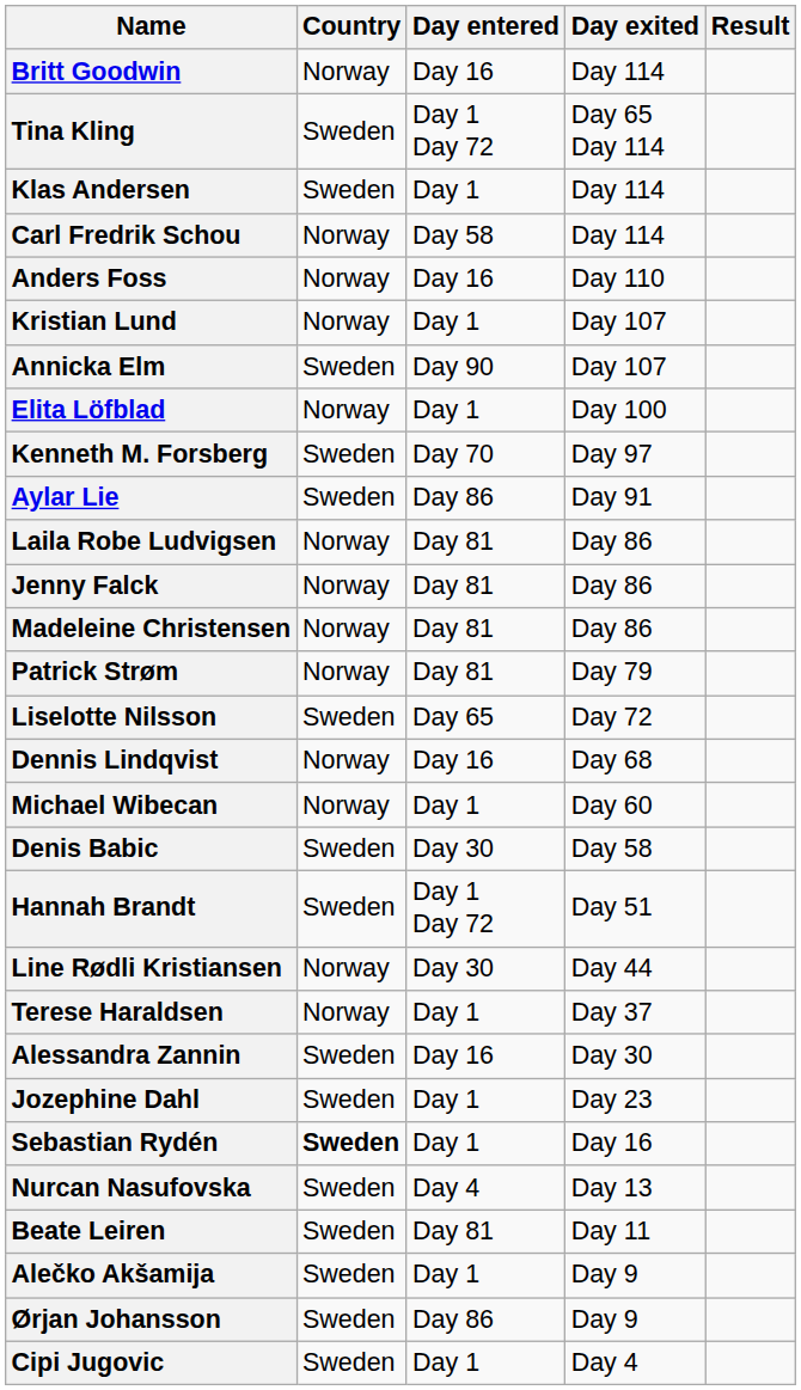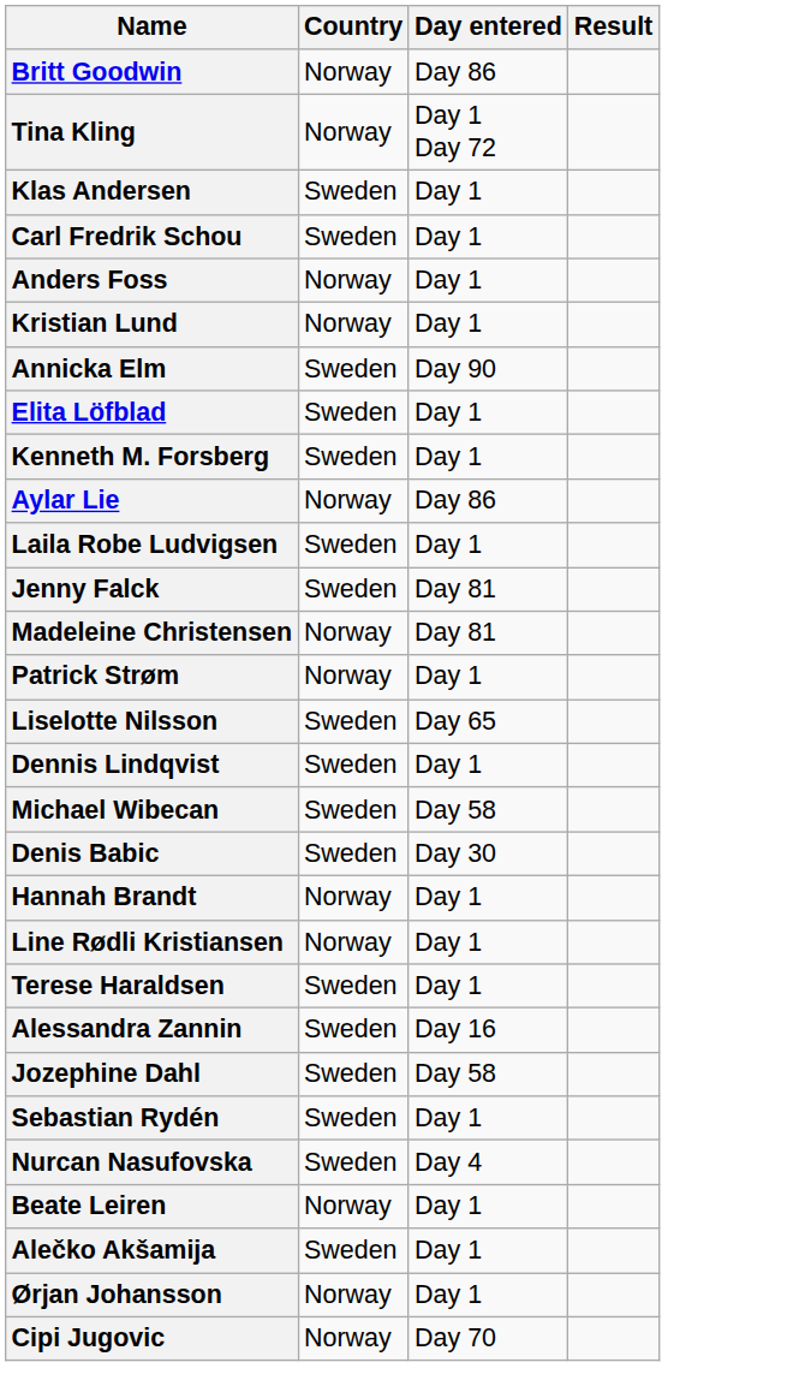 <table class="wikitable sortable" style="text-align:left; line-height:20px; width:auto;">
 <tr>
 <th>Name</th>
 <th>Country</th>
 <th>Day entered</th>
-<th>Day exited</th>
 <th>Result</th>
 </tr>
 <tr>
 <th style="text-align:left;"><a href='#'>Britt Goodwin</a></th>
 <td>Norway</td>
-<td>Day 16</td>
-<td>Day 114</td>
+<td>Day 86</td>
 <td></td>
 </tr>
 <tr>
 <th style="text-align:left;">Tina Kling</th>
-<td>Sweden</td>
+<td>Norway</td>
 <td>Day 1<br>Day 72</td>
-<td>Day 65<br>Day 114</td>
 <td></td>
 </tr>
 <tr>
 <th style="text-align:left;">Klas Andersen</th>
 <td>Sweden</td>
 <td>Day 1</td>
-<td>Day 114</td>
 <td></td>
 </tr>
 <tr>
 <th style="text-align:left;">Carl Fredrik Schou</th>
-<td>Norway</td>
-<td>Day 58</td>
-<td>Day 114</td>
+<td>Sweden</td>
+<td>Day 1</td>
 <td></td>
 </tr>
 <tr>
 <th style="text-align:left;">Anders Foss</th>
 <td>Norway</td>
-<td>Day 16</td>
-<td>Day 110</td>
+<td>Day 1</td>
 <td></td>
 </tr>
 <tr>
 <th style="text-align:left;">Kristian Lund</th>
 <td>Norway</td>
 <td>Day 1</td>
-<td>Day 107</td>
 <td></td>
 </tr>
 <tr>
 <th style="text-align:left;">Annicka Elm</th>
 <td>Sweden</td>
 <td>Day 90</td>
-<td>Day 107</td>
 <td></td>
 </tr>
 <tr>
 <th style="text-align:left;"><a href='#'>Elita Löfblad</a></th>
-<td>Norway</td>
+<td>Sweden</td>
 <td>Day 1</td>
-<td>Day 100</td>
 <td></td>
 </tr>
 <tr>
 <th style="text-align:left;">Kenneth M. Forsberg</th>
 <td>Sweden</td>
-<td>Day 70</td>
-<td>Day 97</td>
+<td>Day 1</td>
 <td></td>
 </tr>
 <tr>
 <th style="text-align:left;"><a href='#'>Aylar Lie</a></th>
-<td>Sweden</td>
+<td>Norway</td>
 <td>Day 86</td>
-<td>Day 91</td>
 <td></td>
 </tr>
 <tr>
 <th style="text-align:left;">Laila Robe Ludvigsen</th>
-<td>Norway</td>
-<td>Day 81</td>
-<td>Day 86</td>
+<td>Sweden</td>
+<td>Day 1</td>
 <td></td>
 </tr>
 <tr>
 <th style="text-align:left;">Jenny Falck</th>
-<td>Norway</td>
+<td>Sweden</td>
 <td>Day 81</td>
-<td>Day 86</td>
 <td></td>
 </tr>
 <tr>
 <th style="text-align:left;">Madeleine Christensen</th>
 <td>Norway</td>
 <td>Day 81</td>
-<td>Day 86</td>
 <td></td>
 </tr>
 <tr>
 <th style="text-align:left;">Patrick Strøm</th>
 <td>Norway</td>
-<td>Day 81</td>
-<td>Day 79</td>
+<td>Day 1</td>
 <td></td>
 </tr>
 <tr>
 <th style="text-align:left;">Liselotte Nilsson</th>
 <td>Sweden</td>
 <td>Day 65</td>
-<td>Day 72</td>
 <td></td>
 </tr>
 <tr>
 <th style="text-align:left;">Dennis Lindqvist</th>
-<td>Norway</td>
-<td>Day 16</td>
-<td>Day 68</td>
+<td>Sweden</td>
+<td>Day 1</td>
 <td></td>
 </tr>
 <tr>
 <th style="text-align:left;">Michael Wibecan</th>
-<td>Norway</td>
-<td>Day 1</td>
-<td>Day 60</td>
+<td>Sweden</td>
+<td>Day 58</td>
 <td></td>
 </tr>
 <tr>
 <th style="text-align:left;">Denis Babic</th>
 <td>Sweden</td>
 <td>Day 30</td>
-<td>Day 58</td>
 <td></td>
 </tr>
 <tr>
 <th style="text-align:left;">Hannah Brandt</th>
-<td>Sweden</td>
-<td>Day 1<br>Day 72</td>
-<td>Day 51</td>
+<td>Norway</td>
+<td>Day 1</td>
 <td></td>
 </tr>
 <tr>
 <th style="text-align:left;">Line Rødli Kristiansen</th>
 <td>Norway</td>
-<td>Day 30</td>
-<td>Day 44</td>
+<td>Day 1</td>
 <td></td>
 </tr>
 <tr>
 <th style="text-align:left;">Terese Haraldsen</th>
-<td>Norway</td>
+<td>Sweden</td>
 <td>Day 1</td>
-<td>Day 37</td>
 <td></td>
 </tr>
 <tr>
 <th style="text-align:left;">Alessandra Zannin</th>
 <td>Sweden</td>
 <td>Day 16</td>
-<td>Day 30</td>
 <td></td>
 </tr>
 <tr>
 <th style="text-align:left;">Jozephine Dahl</th>
 <td>Sweden</td>
-<td>Day 1</td>
-<td>Day 23</td>
+<td>Day 58</td>
 <td></td>
 </tr>
 <tr>
 <th style="text-align:left;">Sebastian Rydén</th>
-<td><strong>Sweden</strong></td>
+<td>Sweden</td>
 <td>Day 1</td>
-<td>Day 16</td>
 <td></td>
 </tr>
 <tr>
 <th style="text-align:left;">Nurcan Nasufovska</th>
 <td>Sweden</td>
 <td>Day 4</td>
-<td>Day 13</td>
 <td></td>
 </tr>
 <tr>
 <th style="text-align:left;">Beate Leiren</th>
-<td>Sweden</td>
-<td>Day 81</td>
-<td>Day 11</td>
+<td>Norway</td>
+<td>Day 1</td>
 <td></td>
 </tr>
 <tr>
 <th style="text-align:left;">Alečko Akšamija</th>
 <td>Sweden</td>
 <td>Day 1</td>
-<td>Day 9</td>
 <td></td>
 </tr>
 <tr>
 <th style="text-align:left;">Ørjan Johansson</th>
-<td>Sweden</td>
-<td>Day 86</td>
-<td>Day 9</td>
+<td>Norway</td>
+<td>Day 1</td>
 <td></td>
 </tr>
 <tr>
 <th style="text-align:left;">Cipi Jugovic</th>
-<td>Sweden</td>
-<td>Day 1</td>
-<td>Day 4</td>
+<td>Norway</td>
+<td>Day 70</td>
 <td></td>
 </tr>
 </table>
